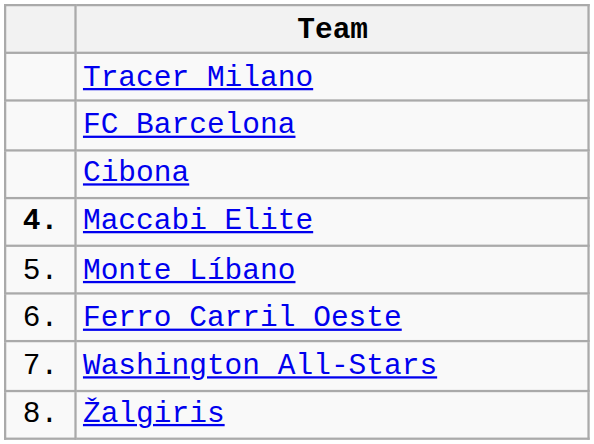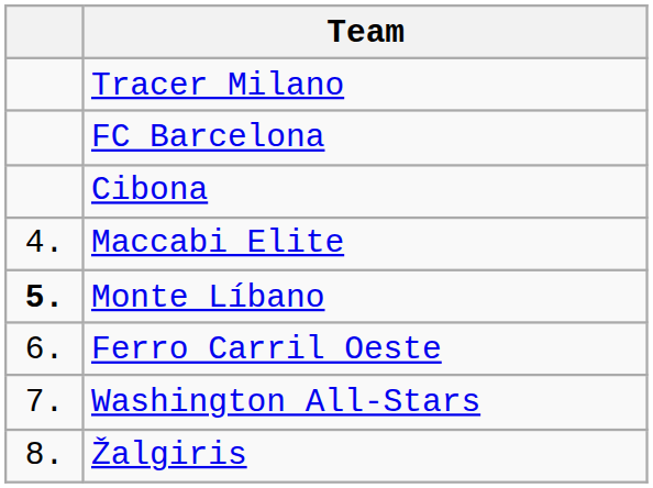 <table class="wikitable" style="text-align:center">
 <tr>
 <th width=25></th>
 <th width=220>Team</th>
 </tr>
 <tr>
 <td></td>
 <td align=left> <a href='#'>Tracer Milano</a></td>
 </tr>
 <tr>
 <td></td>
 <td align=left> <a href='#'>FC Barcelona</a></td>
 </tr>
 <tr>
 <td></td>
 <td align=left> <a href='#'>Cibona</a></td>
 </tr>
 <tr>
-<td><strong>4.</strong></td>
+<td>4.</td>
 <td align=left> <a href='#'>Maccabi Elite</a></td>
 </tr>
 <tr>
-<td>5.</td>
+<td><strong>5.</strong></td>
 <td align=left> <a href='#'>Monte Líbano</a></td>
 </tr>
 <tr>
 <td>6.</td>
 <td align=left> <a href='#'>Ferro Carril Oeste</a></td>
 </tr>
 <tr>
 <td>7.</td>
 <td align=left> <a href='#'>Washington All-Stars</a></td>
 </tr>
 <tr>
 <td>8.</td>
 <td align=left> <a href='#'>Žalgiris</a></td>
 </tr>
 </table>
